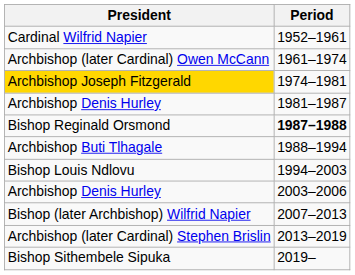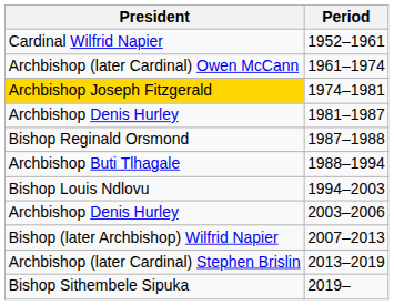 <table class="wikitable">
 <tr>
 <th>President</th>
 <th>Period</th>
 </tr>
 <tr>
 <td>Cardinal <a href='#'>Wilfrid Napier</a></td>
 <td>1952–1961</td>
 </tr>
 <tr>
 <td>Archbishop (later Cardinal) <a href='#'>Owen McCann</a></td>
 <td>1961–1974</td>
 </tr>
 <tr>
 <td style="background: gold;">Archbishop Joseph Fitzgerald</td>
 <td>1974–1981</td>
 </tr>
 <tr>
 <td>Archbishop <a href='#'>Denis Hurley</a></td>
 <td>1981–1987</td>
 </tr>
 <tr>
 <td>Bishop Reginald Orsmond</td>
-<td><strong>1987–1988</strong></td>
+<td>1987–1988</td>
 </tr>
 <tr>
 <td>Archbishop <a href='#'>Buti Tlhagale</a></td>
 <td>1988–1994</td>
 </tr>
 <tr>
 <td>Bishop Louis Ndlovu</td>
 <td>1994–2003</td>
 </tr>
 <tr>
 <td>Archbishop <a href='#'>Denis Hurley</a></td>
 <td>2003–2006</td>
 </tr>
 <tr>
 <td>Bishop (later Archbishop) <a href='#'>Wilfrid Napier</a></td>
 <td>2007–2013</td>
 </tr>
 <tr>
 <td>Archbishop (later Cardinal) <a href='#'>Stephen Brislin</a></td>
 <td>2013–2019</td>
 </tr>
 <tr>
 <td>Bishop Sithembele Sipuka</td>
 <td>2019–</td>
 </tr>
 </table>
